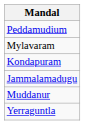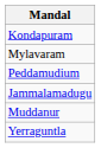 <table class="wikitable sortable static-row-numbers static-row-header-hash">
 <tr>
 <th>Mandal</th>
 </tr>
 <tr>
-<td><a href='#'>Peddamudium</a></td>
+<td><a href='#'>Kondapuram</a></td>
 </tr>
 <tr>
 <td>Mylavaram</td>
 </tr>
 <tr>
-<td><a href='#'>Kondapuram</a></td>
+<td><a href='#'>Peddamudium</a></td>
 </tr>
 <tr>
 <td><a href='#'>Jammalamadugu</a></td>
 </tr>
 <tr>
 <td><a href='#'>Muddanur</a></td>
 </tr>
 <tr>
 <td><a href='#'>Yerraguntla</a></td>
 </tr>
 </table>
